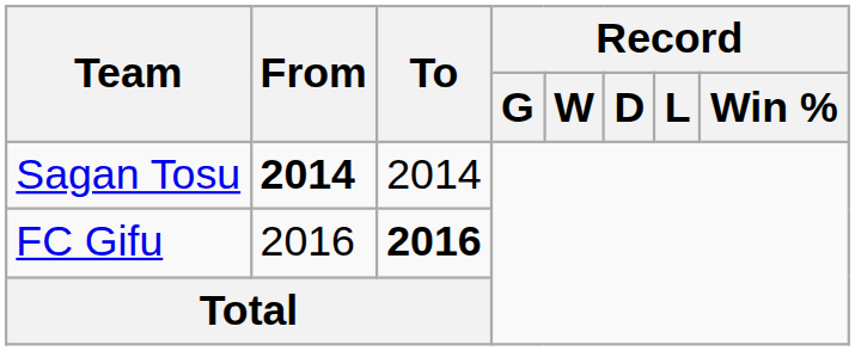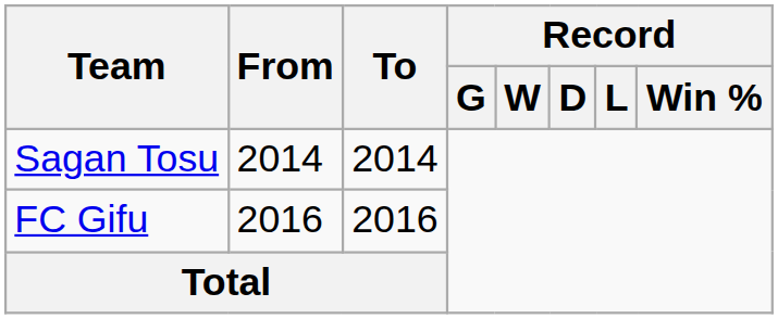 <table class="wikitable" style="text-align: center">
 <tr>
 <th rowspan="2">Team</th>
 <th rowspan="2">From</th>
 <th rowspan="2">To</th>
 <th colspan="5">Record</th>
 </tr>
 <tr>
 <th>G</th>
 <th>W</th>
 <th>D</th>
 <th>L</th>
 <th>Win %</th>
 </tr>
 <tr>
 <td align="left"><a href='#'>Sagan Tosu</a></td>
-<td align="left"><strong>2014</strong></td>
+<td align="left">2014</td>
 <td align="left">2014<br></td>
 </tr>
 <tr>
 <td align="left"><a href='#'>FC Gifu</a></td>
 <td align="left">2016</td>
-<td align="left"><strong>2016<br></strong></td>
+<td align="left">2016<br></td>
 </tr>
 <tr>
 <th colspan="3">Total<br></th>
 </tr>
 </table>
